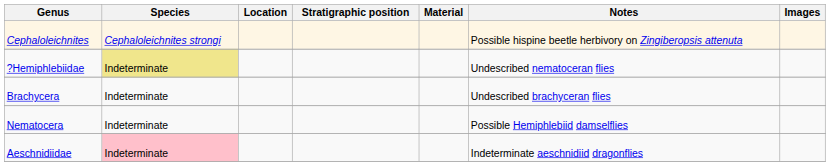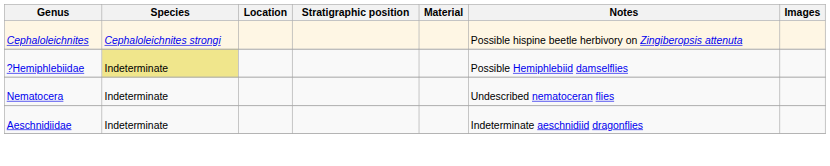 <table class="wikitable sortable mw-collapsible" style="margin:auto; width:100%">
 <tr>
 <th>Genus</th>
 <th>Species</th>
 <th>Location</th>
 <th>Stratigraphic position</th>
 <th>Material</th>
 <th>Notes</th>
 <th>Images</th>
 </tr>
 <tr>
 <td style="background:#FEF6E4;"><br><em><a href='#'>Cephaloleichnites</a></em></td>
 <td style="background:#FEF6E4;"><br><em><a href='#'>Cephaloleichnites strongi</a></em></td>
 <td style="background:#FEF6E4;"></td>
 <td style="background:#FEF6E4;"></td>
 <td style="background:#FEF6E4;"></td>
 <td style="background:#FEF6E4;"><br>Possible hispine beetle herbivory on <em><a href='#'>Zingiberopsis attenuta</a></em></td>
 <td style="background:#FEF6E4;"></td>
 </tr>
 <tr>
 </tr>
 <tr>
 <td><br><a href='#'>?Hemiphlebiidae</a></td>
 <td style="background: khaki;"><br>Indeterminate</td>
 <td></td>
 <td></td>
 <td></td>
-<td><br>Undescribed <a href='#'>nematoceran</a> <a href='#'>flies</a></td>
+<td><br>Possible <a href='#'>Hemiphlebiid</a> <a href='#'>damselflies</a></td>
 <td></td>
 </tr>
 <tr>
-</tr>
-<tr>
-<td><br><a href='#'>Brachycera</a></td>
-<td><br>Indeterminate</td>
-<td></td>
-<td></td>
-<td></td>
-<td><br>Undescribed <a href='#'>brachyceran</a> <a href='#'>flies</a></td>
-<td></td>
 </tr>
 <tr>
 </tr>
 <tr>
 <td><br><a href='#'>Nematocera</a></td>
 <td><br>Indeterminate</td>
 <td></td>
 <td></td>
 <td></td>
-<td><br>Possible <a href='#'>Hemiphlebiid</a> <a href='#'>damselflies</a></td>
+<td><br>Undescribed <a href='#'>nematoceran</a> <a href='#'>flies</a></td>
 <td></td>
 </tr>
 <tr>
 </tr>
 <tr>
 <td><br><a href='#'>Aeschnidiidae</a></td>
-<td style="background: pink;"><br>Indeterminate</td>
+<td><br>Indeterminate</td>
 <td></td>
 <td></td>
 <td></td>
 <td><br>Indeterminate <a href='#'>aeschnidiid</a> <a href='#'>dragonflies</a></td>
 <td></td>
 </tr>
 <tr>
 </tr>
 </table>
